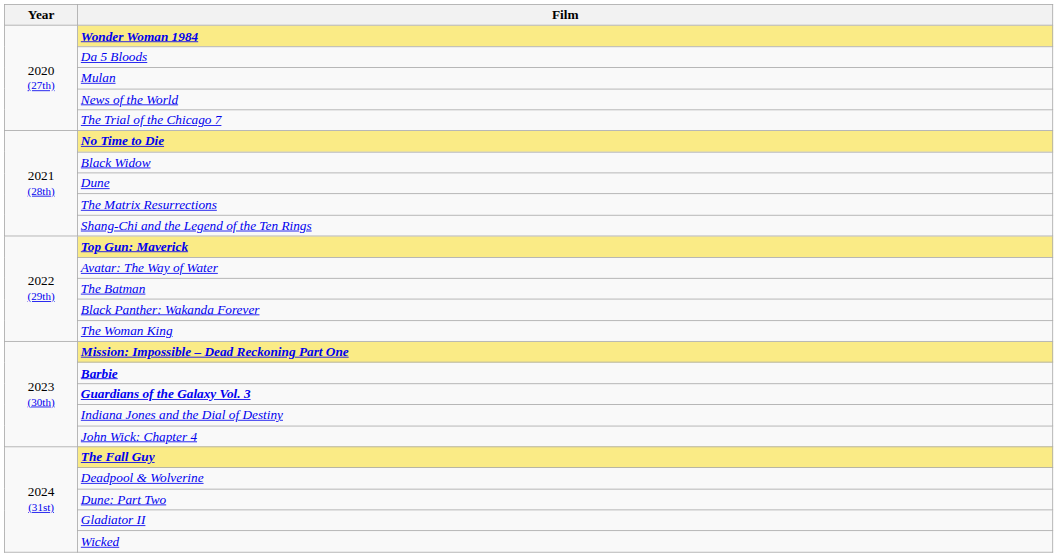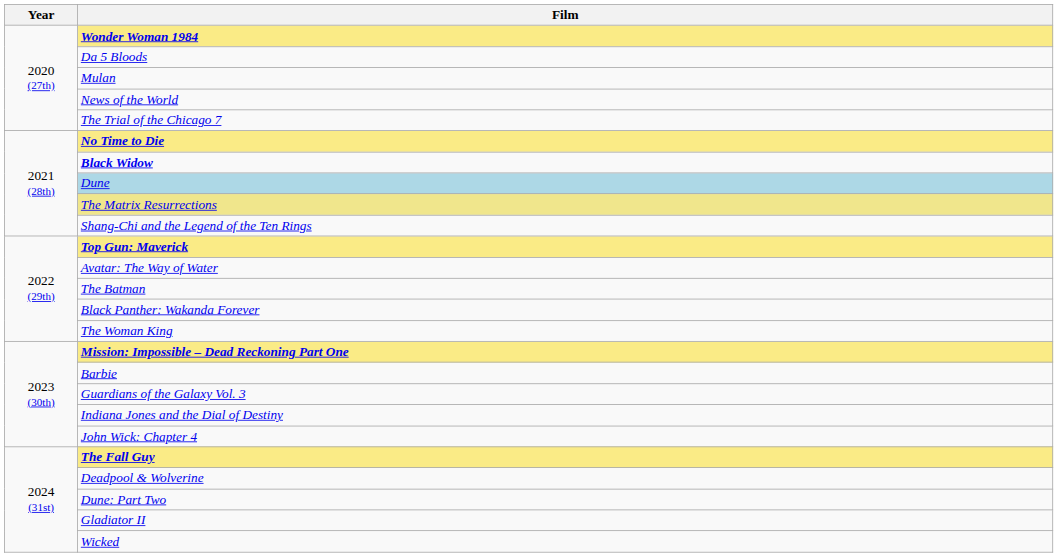 <table class="wikitable" width="100%" cellpadding="5">
 <tr>
 <th width="7%">Year</th>
 <th width="93%">Film</th>
 </tr>
 <tr>
 <td rowspan="5" align="center">2020<br><small><a href='#'>(27th)</a> </small></td>
 <td style="background:#FAEB86;"><strong><em><a href='#'>Wonder Woman 1984</a></em></strong></td>
 </tr>
 <tr>
 <td><em><a href='#'>Da 5 Bloods</a></em></td>
 </tr>
 <tr>
 <td><a href='#'><em>Mulan</em></a></td>
 </tr>
 <tr>
 <td><a href='#'><em>News of the World</em></a></td>
 </tr>
 <tr>
 <td><em><a href='#'>The Trial of the Chicago 7</a></em></td>
 </tr>
 <tr>
 <td rowspan="5" align="center">2021<br><small><a href='#'>(28th)</a> </small></td>
 <td style="background:#FAEB86;"><strong><em><a href='#'>No Time to Die</a></em></strong></td>
 </tr>
 <tr>
-<td><em><a href='#'>Black Widow</a></em></td>
+<td><strong><em><a href='#'>Black Widow</a></em></strong></td>
 </tr>
 <tr>
-<td><em><a href='#'>Dune</a></em></td>
+<td style="background: lightblue;"><em><a href='#'>Dune</a></em></td>
 </tr>
 <tr>
-<td><em><a href='#'>The Matrix Resurrections</a></em></td>
+<td style="background: khaki;"><em><a href='#'>The Matrix Resurrections</a></em></td>
 </tr>
 <tr>
 <td><em><a href='#'>Shang-Chi and the Legend of the Ten Rings</a></em></td>
 </tr>
 <tr>
 <td rowspan="5" align="center">2022<br><small><a href='#'>(29th)</a> </small></td>
 <td style="background:#FAEB86;"><strong><em><a href='#'>Top Gun: Maverick</a></em></strong></td>
 </tr>
 <tr>
 <td><em><a href='#'>Avatar: The Way of Water</a></em></td>
 </tr>
 <tr>
 <td><em><a href='#'>The Batman</a></em></td>
 </tr>
 <tr>
 <td><em><a href='#'>Black Panther: Wakanda Forever</a></em></td>
 </tr>
 <tr>
 <td><em><a href='#'>The Woman King</a></em></td>
 </tr>
 <tr>
 <td rowspan="5" align="center">2023<br><small><a href='#'>(30th)</a> </small></td>
 <td style="background:#FAEB86;"><strong><em><a href='#'>Mission: Impossible – Dead Reckoning Part One</a></em></strong></td>
 </tr>
 <tr>
-<td><strong><em><a href='#'>Barbie</a></em></strong></td>
+<td><em><a href='#'>Barbie</a></em></td>
 </tr>
 <tr>
-<td><strong><em><a href='#'>Guardians of the Galaxy Vol. 3</a></em></strong></td>
+<td><em><a href='#'>Guardians of the Galaxy Vol. 3</a></em></td>
 </tr>
 <tr>
 <td><em><a href='#'>Indiana Jones and the Dial of Destiny</a></em></td>
 </tr>
 <tr>
 <td><em><a href='#'>John Wick: Chapter 4</a></em></td>
 </tr>
 <tr>
 <td rowspan="5" align="center">2024<br><small><a href='#'>(31st)</a> </small></td>
 <td style="background:#FAEB86;"><strong><em><a href='#'>The Fall Guy</a></em></strong></td>
 </tr>
 <tr>
 <td><em><a href='#'>Deadpool & Wolverine</a></em></td>
 </tr>
 <tr>
 <td><em><a href='#'>Dune: Part Two</a></em></td>
 </tr>
 <tr>
 <td><em><a href='#'>Gladiator II</a></em></td>
 </tr>
 <tr>
 <td><em><a href='#'>Wicked</a></em></td>
 </tr>
 </table>
